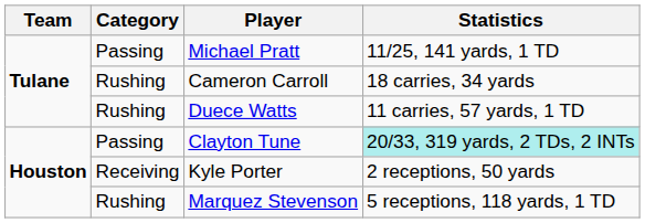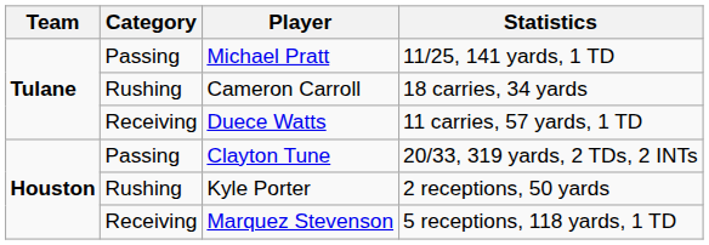 <table class="wikitable" style="float: left;">
 <tr>
 <th>Team</th>
 <th>Category</th>
 <th>Player</th>
 <th>Statistics</th>
 </tr>
 <tr>
 <td rowspan=3><strong>Tulane</strong></td>
 <td>Passing</td>
 <td><a href='#'>Michael Pratt</a></td>
 <td>11/25, 141 yards, 1 TD</td>
 </tr>
 <tr>
 <td>Rushing</td>
 <td>Cameron Carroll</td>
 <td>18 carries, 34 yards</td>
 </tr>
 <tr>
-<td>Rushing</td>
+<td>Receiving</td>
 <td><a href='#'>Duece Watts</a></td>
 <td>11 carries, 57 yards, 1 TD</td>
 </tr>
 <tr>
 <td rowspan=3><strong>Houston</strong></td>
 <td>Passing</td>
 <td><a href='#'>Clayton Tune</a></td>
-<td style="background: paleturquoise;">20/33, 319 yards, 2 TDs, 2 INTs</td>
+<td>20/33, 319 yards, 2 TDs, 2 INTs</td>
 </tr>
 <tr>
-<td>Receiving</td>
+<td>Rushing</td>
 <td>Kyle Porter</td>
 <td>2 receptions, 50 yards</td>
 </tr>
 <tr>
-<td>Rushing</td>
+<td>Receiving</td>
 <td><a href='#'>Marquez Stevenson</a></td>
 <td>5 receptions, 118 yards, 1 TD</td>
 </tr>
 </table>
